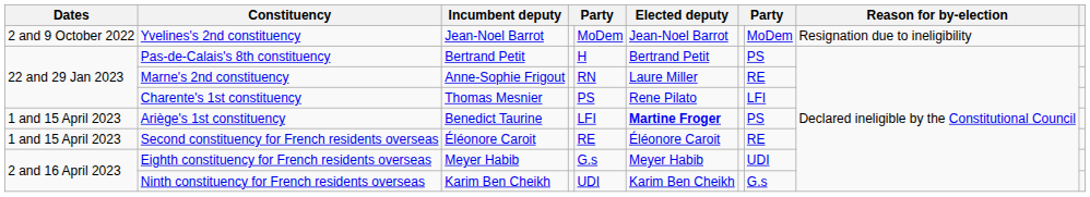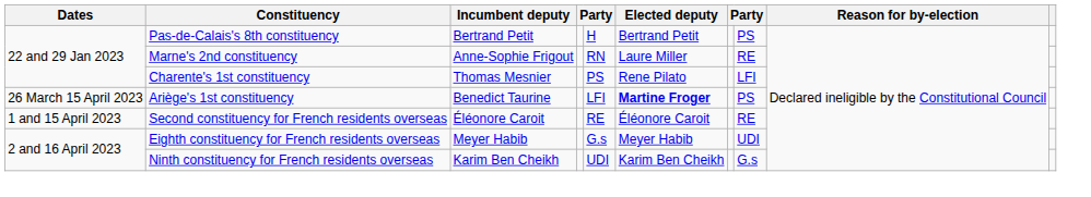 <table class="wikitable sortable" style="font-size:95%;">
 <tr>
 <th>Dates</th>
 <th>Constituency</th>
 <th>Incumbent deputy</th>
 <th colspan="2">Party</th>
 <th>Elected deputy</th>
 <th colspan="2">Party</th>
 <th>Reason for by-election</th>
 <th></th>
-</tr>
-<tr>
-<td data-sort-value="2018-01-28">2 and 9 <abbr>October</abbr> 2022</td>
-<td data-sort-value="09501"><a href='#'>Yvelines's 2nd constituency</a></td>
-<td data-sort-value="Muller-Quoy, Isabelle"><a href='#'>Jean-Noel Barrot</a></td>
-<td style="background:"></td>
-<td><a href='#'>MoDem</a></td>
-<td><a href='#'>Jean-Noel Barrot</a></td>
-<td style="background:"></td>
-<td><a href='#'>MoDem</a></td>
-<td>Resignation due to ineligibility</td>
-<td></td>
 </tr>
 <tr>
 <td rowspan="3">22 and 29 <abbr>Jan</abbr> 2023</td>
 <td><a href='#'>Pas-de-Calais's 8th constituency</a></td>
 <td><a href='#'>Bertrand Petit</a></td>
 <td style="background:"></td>
 <td><a href='#'>H</a></td>
 <td><a href='#'>Bertrand Petit</a></td>
 <td style="background:"></td>
 <td><a href='#'>PS</a></td>
 <td rowspan="7">Declared ineligible by the <a href='#'>Constitutional Council</a></td>
 <td></td>
 </tr>
 <tr>
 <td><a href='#'>Marne's 2nd constituency</a></td>
 <td><a href='#'>Anne-Sophie Frigout</a></td>
 <td style="background:"></td>
 <td><a href='#'>RN</a></td>
 <td><a href='#'>Laure Miller</a></td>
 <td style="background:"></td>
 <td><a href='#'>RE</a></td>
 <td></td>
 </tr>
 <tr>
 <td><a href='#'>Charente's 1st constituency</a></td>
 <td><a href='#'>Thomas Mesnier</a></td>
 <td style="background: "></td>
 <td><a href='#'>PS</a></td>
 <td><a href='#'>Rene Pilato</a></td>
 <td style="background: "></td>
 <td><a href='#'>LFI</a></td>
 <td></td>
 </tr>
 <tr>
-<td><abbr>1 and</abbr> 15 April 2023</td>
+<td><abbr>26 March</abbr> 15 <abbr>April</abbr> 2023</td>
 <td><a href='#'>Ariège's 1st constituency</a></td>
 <td><a href='#'>Benedict Taurine</a></td>
 <td style="background: "></td>
 <td><a href='#'>LFI</a></td>
 <td><strong><a href='#'>Martine Froger</a></strong></td>
 <td style="background:"></td>
 <td><a href='#'>PS</a></td>
 <td></td>
 </tr>
 <tr>
 <td><abbr>1 and</abbr> 15 April 2023</td>
 <td><a href='#'>Second constituency for French residents overseas</a></td>
 <td><a href='#'>Éléonore Caroit</a></td>
 <td style="background:"></td>
 <td><a href='#'>RE</a></td>
 <td><a href='#'>Éléonore Caroit</a></td>
 <td style="background:"></td>
 <td><a href='#'>RE</a></td>
 <td></td>
 </tr>
 <tr>
 <td rowspan="2">2 and <abbr>16 April 2023</abbr></td>
 <td><a href='#'>Eighth constituency for French residents overseas</a></td>
 <td><a href='#'>Meyer Habib</a></td>
 <td style="background: "></td>
 <td><a href='#'>G.s</a></td>
 <td><a href='#'>Meyer Habib</a></td>
 <td style="background: "></td>
 <td><a href='#'>UDI</a></td>
 <td></td>
 </tr>
 <tr>
 <td><a href='#'>Ninth constituency for French residents overseas</a></td>
 <td><a href='#'>Karim Ben Cheikh</a></td>
 <td style="background: "></td>
 <td><a href='#'>UDI</a></td>
 <td><a href='#'>Karim Ben Cheikh</a></td>
 <td style="background: "></td>
 <td><a href='#'>G.s</a></td>
 <td></td>
 </tr>
 </table>
